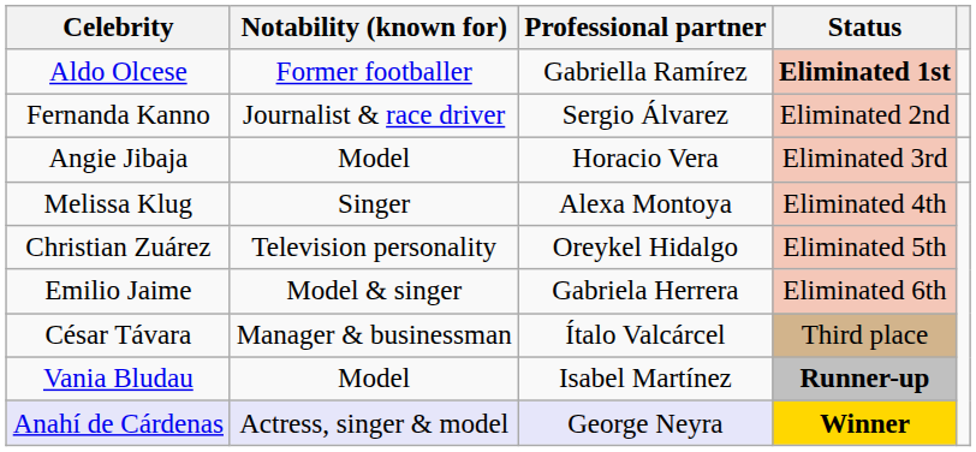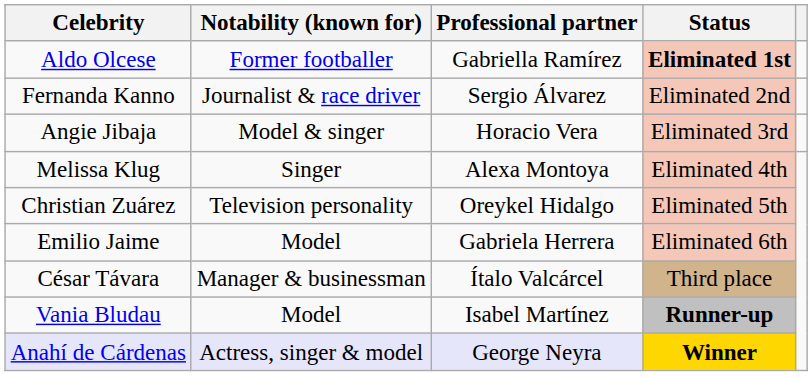 <table class= "wikitable sortable" style="text-align: center; margin:auto; align: center">
 <tr>
 <th>Celebrity</th>
 <th>Notability (known for)</th>
 <th>Professional partner</th>
 <th>Status</th>
 <th class="unsortable"></th>
 </tr>
 <tr>
 <td><a href='#'>Aldo Olcese</a></td>
 <td><a href='#'>Former footballer</a></td>
 <td>Gabriella Ramírez</td>
 <td style="background:#f4c7b8;"><strong>Eliminated 1st<br></strong></td>
 <td></td>
 </tr>
 <tr>
 <td>Fernanda Kanno</td>
 <td>Journalist & <a href='#'>race driver</a></td>
 <td>Sergio Álvarez</td>
 <td style="background:#f4c7b8;">Eliminated 2nd<br></td>
 <td></td>
 </tr>
 <tr>
 <td>Angie Jibaja</td>
-<td>Model</td>
+<td>Model & singer</td>
 <td>Horacio Vera</td>
 <td style="background:#f4c7b8;">Eliminated 3rd<br></td>
 <td></td>
 </tr>
 <tr>
 <td>Melissa Klug</td>
 <td>Singer</td>
 <td>Alexa Montoya</td>
 <td style="background:#f4c7b8;">Eliminated 4th<br></td>
 <td rowspan="6"></td>
 </tr>
 <tr>
 <td>Christian Zuárez</td>
 <td>Television personality</td>
 <td>Oreykel Hidalgo</td>
 <td style="background:#f4c7b8;">Eliminated 5th<br></td>
 </tr>
 <tr>
 <td>Emilio Jaime</td>
-<td>Model & singer</td>
+<td>Model</td>
 <td>Gabriela Herrera</td>
 <td style="background:#f4c7b8;">Eliminated 6th<br></td>
 </tr>
 <tr>
 <td>César Távara</td>
 <td>Manager & businessman</td>
 <td>Ítalo Valcárcel</td>
 <td style="background:tan;">Third place<br></td>
 </tr>
 <tr>
 <td><a href='#'>Vania Bludau</a></td>
 <td>Model</td>
 <td>Isabel Martínez</td>
 <td style="background:silver;"><strong>Runner-up<br></strong></td>
 </tr>
 <tr>
 <td style="background:lavender;"><a href='#'>Anahí de Cárdenas</a></td>
 <td style="background:lavender;">Actress, singer & model</td>
 <td style="background:lavender;">George Neyra</td>
 <td style="background:gold;"><strong>Winner</strong><br></td>
 </tr>
 </table>
